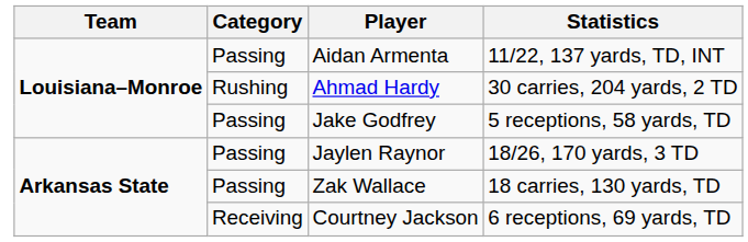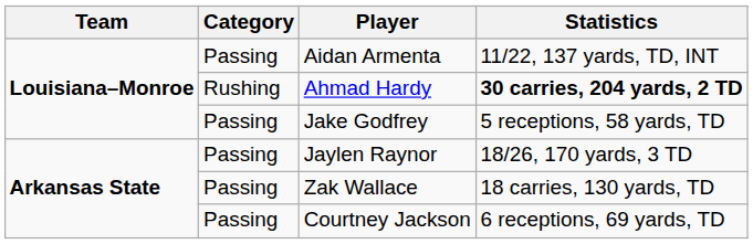 <table class="wikitable" style="float: right;">
 <tr>
 <th>Team</th>
 <th>Category</th>
 <th>Player</th>
 <th>Statistics</th>
 </tr>
 <tr>
 <td rowspan=3><strong>Louisiana–Monroe</strong></td>
 <td>Passing</td>
 <td>Aidan Armenta</td>
 <td>11/22, 137 yards, TD, INT</td>
 </tr>
 <tr>
 <td>Rushing</td>
 <td><a href='#'>Ahmad Hardy</a></td>
-<td>30 carries, 204 yards, 2 TD</td>
+<td><strong>30 carries, 204 yards, 2 TD</strong></td>
 </tr>
 <tr>
 <td>Passing</td>
 <td>Jake Godfrey</td>
 <td>5 receptions, 58 yards, TD</td>
 </tr>
 <tr>
 <td rowspan=3><strong>Arkansas State</strong></td>
 <td>Passing</td>
 <td>Jaylen Raynor</td>
 <td>18/26, 170 yards, 3 TD</td>
 </tr>
 <tr>
 <td>Passing</td>
 <td>Zak Wallace</td>
 <td>18 carries, 130 yards, TD</td>
 </tr>
 <tr>
-<td>Receiving</td>
+<td>Passing</td>
 <td>Courtney Jackson</td>
 <td>6 receptions, 69 yards, TD</td>
 </tr>
 </table>
